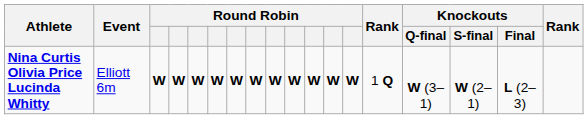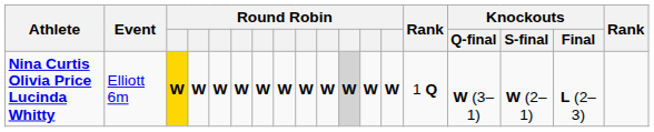 <table class="wikitable" style="font-size:90%">
 <tr>
 <th rowspan="2">Athlete</th>
 <th rowspan="2">Event</th>
 <th colspan="11">Round Robin</th>
 <th rowspan="2">Rank</th>
 <th colspan="3">Knockouts</th>
 <th rowspan="2">Rank</th>
 </tr>
 <tr style="vertical-align:bottom; font-size:95%">
 <th></th>
 <th></th>
 <th></th>
 <th></th>
 <th></th>
 <th></th>
 <th></th>
 <th></th>
 <th></th>
 <th></th>
 <th></th>
 <th valign=middle>Q-final</th>
 <th valign=middle>S-final</th>
 <th valign=middle>Final</th>
 </tr>
 <tr align=center>
 <td align=left><strong><a href='#'>Nina Curtis</a><br><a href='#'>Olivia Price</a><br><a href='#'>Lucinda Whitty</a></strong></td>
 <td align=left><a href='#'>Elliott 6m</a></td>
+<td style="background: gold;"><strong>W</strong></td>
 <td><strong>W</strong></td>
 <td><strong>W</strong></td>
 <td><strong>W</strong></td>
 <td><strong>W</strong></td>
 <td><strong>W</strong></td>
 <td><strong>W</strong></td>
 <td><strong>W</strong></td>
-<td><strong>W</strong></td>
-<td><strong>W</strong></td>
+<td style="background: lightgrey;"><strong>W</strong></td>
 <td><strong>W</strong></td>
 <td><strong>W</strong></td>
 <td>1 <strong>Q</strong></td>
 <td valign=bottom><br><strong>W</strong> (3–1)</td>
 <td valign=bottom><br><strong>W</strong> (2–1)</td>
 <td valign=bottom><br><strong>L</strong> (2–3)</td>
 <td></td>
 </tr>
 </table>
